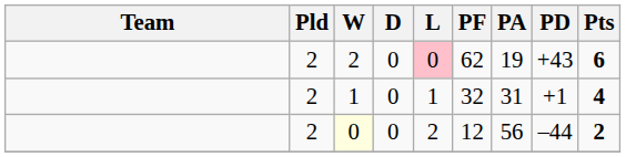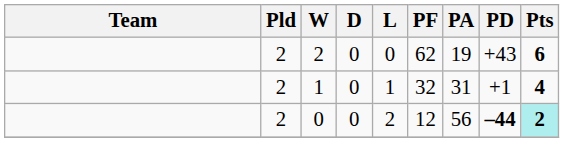 <table class="wikitable" style="text-align:center;">
 <tr>
 <th width=190>Team</th>
 <th width=20 abbr="Played">Pld</th>
 <th width=20 abbr="Won">W</th>
 <th width=20 abbr="Drawn">D</th>
 <th width=20 abbr="Lost">L</th>
 <th width=20 abbr="Points for">PF</th>
 <th width=20 abbr="Points against">PA</th>
 <th width=25 abbr="Points difference">PD</th>
 <th width=20 abbr="Points">Pts</th>
 </tr>
 <tr>
 <td align=left></td>
 <td>2</td>
 <td>2</td>
 <td>0</td>
-<td style="background: pink;">0</td>
+<td>0</td>
 <td>62</td>
 <td>19</td>
 <td>+43</td>
 <td><strong>6</strong></td>
 </tr>
 <tr>
 <td align=left></td>
 <td>2</td>
 <td>1</td>
 <td>0</td>
 <td>1</td>
 <td>32</td>
 <td>31</td>
 <td>+1</td>
 <td><strong>4</strong></td>
 </tr>
 <tr>
 <td align=left></td>
 <td>2</td>
-<td style="background: lightyellow;">0</td>
+<td>0</td>
 <td>0</td>
 <td>2</td>
 <td>12</td>
 <td>56</td>
-<td>–44</td>
-<td><strong>2</strong></td>
+<td><strong>–44</strong></td>
+<td style="background: paleturquoise;"><strong>2</strong></td>
 </tr>
 <tr>
 </tr>
 </table>
